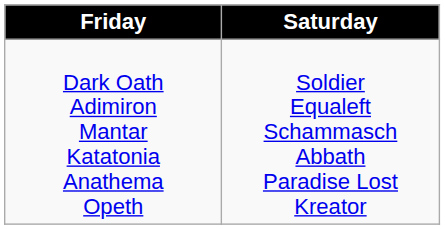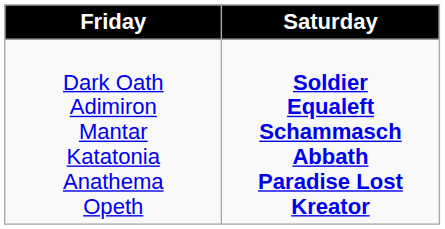 <table class="wikitable">
 <tr>
 <th width=150px style="background:black; color:white">Friday</th>
 <th width=150px style="background:black; color:white">Saturday</th>
 </tr>
 <tr>
 <td style="text-align: center;"><br><a href='#'>Dark Oath</a><br> <a href='#'>Adimiron</a><br> <a href='#'>Mantar</a><br> <a href='#'>Katatonia</a><br> <a href='#'>Anathema</a><br> <a href='#'>Opeth</a></td>
-<td style="text-align: center;"><br><a href='#'>Soldier</a><br> <a href='#'>Equaleft</a><br> <a href='#'>Schammasch</a><br> <a href='#'>Abbath</a><br> <a href='#'>Paradise Lost</a><br> <a href='#'>Kreator</a></td>
+<td style="text-align: center;"><strong><br><a href='#'>Soldier</a><br> <a href='#'>Equaleft</a><br> <a href='#'>Schammasch</a><br> <a href='#'>Abbath</a><br> <a href='#'>Paradise Lost</a><br> <a href='#'>Kreator</a></strong></td>
 </tr>
 </table>
